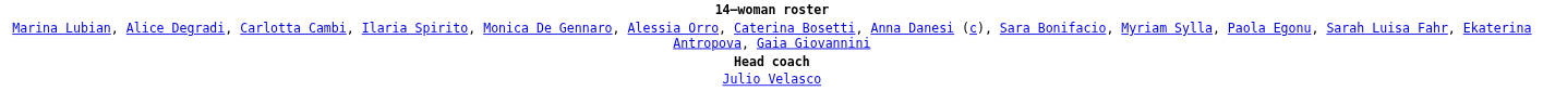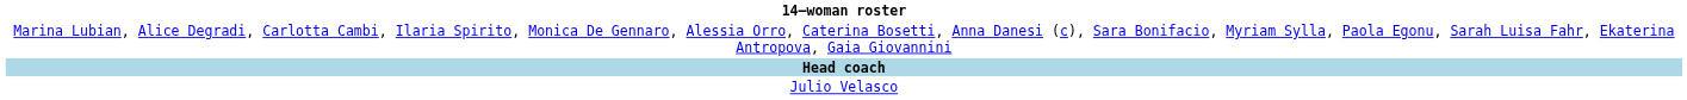 <table style="text-align:center; margin-top:2em; margin-left:auto; margin-right:auto">
 <tr>
 <td><strong>14–woman roster</strong></td>
 </tr>
 <tr>
 <td><a href='#'>Marina Lubian</a>, <a href='#'>Alice Degradi</a>, <a href='#'>Carlotta Cambi</a>, <a href='#'>Ilaria Spirito</a>, <a href='#'>Monica De Gennaro</a>, <a href='#'>Alessia Orro</a>, <a href='#'>Caterina Bosetti</a>, <a href='#'>Anna Danesi</a> (<a href='#'>c</a>), <a href='#'>Sara Bonifacio</a>, <a href='#'>Myriam Sylla</a>, <a href='#'>Paola Egonu</a>, <a href='#'>Sarah Luisa Fahr</a>, <a href='#'>Ekaterina Antropova</a>, <a href='#'>Gaia Giovannini</a></td>
 </tr>
 <tr>
-<td><strong>Head coach</strong></td>
+<td style="background: lightblue;"><strong>Head coach</strong></td>
 </tr>
 <tr>
 <td>  <a href='#'>Julio Velasco</a></td>
 </tr>
 </table>
